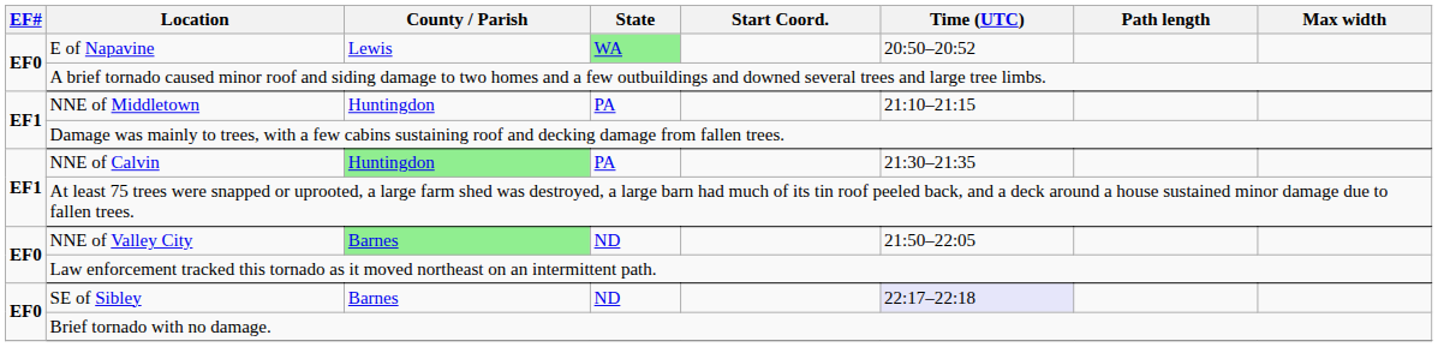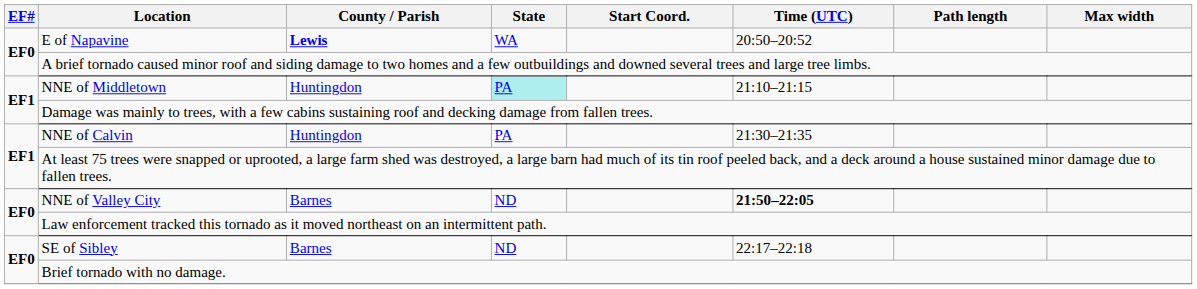 <table class="wikitable sortable" style="width:100%;">
 <tr>
 <th scope="col" width="2%" align="center"><a href='#'>EF#</a></th>
 <th scope="col" align="center" class="unsortable">Location</th>
 <th scope="col" align="center" class="unsortable">County / Parish</th>
 <th scope="col" align="center">State</th>
 <th scope="col" align="center" data-sort-type="number">Start Coord.</th>
 <th scope="col" align="center" data-sort-type="number">Time (<a href='#'>UTC</a>)</th>
 <th scope="col" align="center" data-sort-type="number">Path length</th>
 <th scope="col" align="center" data-sort-type="number">Max width</th>
 </tr>
 <tr>
 <td rowspan="2" align="center"><strong>EF0</strong></td>
 <td>E of <a href='#'>Napavine</a></td>
-<td><a href='#'>Lewis</a></td>
-<td style="background: lightgreen;"><a href='#'>WA</a></td>
+<td><strong><a href='#'>Lewis</a></strong></td>
+<td><a href='#'>WA</a></td>
 <td></td>
 <td>20:50–20:52</td>
 <td></td>
 <td></td>
 </tr>
 <tr class="expand-child">
 <td colspan="8" style=" border-bottom: 1px solid black;">A brief tornado caused minor roof and siding damage to two homes and a few outbuildings and downed several trees and large tree limbs.</td>
 </tr>
 <tr>
 <td rowspan="2" align="center"><strong>EF1</strong></td>
 <td>NNE of <a href='#'>Middletown</a></td>
 <td><a href='#'>Huntingdon</a></td>
-<td><a href='#'>PA</a></td>
+<td style="background: paleturquoise;"><a href='#'>PA</a></td>
 <td></td>
 <td>21:10–21:15</td>
 <td></td>
 <td></td>
 </tr>
 <tr class="expand-child">
 <td colspan="8" style=" border-bottom: 1px solid black;">Damage was mainly to trees, with a few cabins sustaining roof and decking damage from fallen trees.</td>
 </tr>
 <tr>
 <td rowspan="2" align="center"><strong>EF1</strong></td>
 <td>NNE of <a href='#'>Calvin</a></td>
-<td style="background: lightgreen;"><a href='#'>Huntingdon</a></td>
+<td><a href='#'>Huntingdon</a></td>
 <td><a href='#'>PA</a></td>
 <td></td>
 <td>21:30–21:35</td>
 <td></td>
 <td></td>
 </tr>
 <tr class="expand-child">
 <td colspan="8" style=" border-bottom: 1px solid black;">At least 75 trees were snapped or uprooted, a large farm shed was destroyed, a large barn had much of its tin roof peeled back, and a deck around a house sustained minor damage due to fallen trees.</td>
 </tr>
 <tr>
 <td rowspan="2" align="center"><strong>EF0</strong></td>
 <td>NNE of <a href='#'>Valley City</a></td>
-<td style="background: lightgreen;"><a href='#'>Barnes</a></td>
+<td><a href='#'>Barnes</a></td>
 <td><a href='#'>ND</a></td>
 <td></td>
-<td>21:50–22:05</td>
+<td><strong>21:50–22:05</strong></td>
 <td></td>
 <td></td>
 </tr>
 <tr class="expand-child">
 <td colspan="8" style=" border-bottom: 1px solid black;">Law enforcement tracked this tornado as it moved northeast on an intermittent path.</td>
 </tr>
 <tr>
 <td rowspan="2" align="center"><strong>EF0</strong></td>
 <td>SE of <a href='#'>Sibley</a></td>
 <td><a href='#'>Barnes</a></td>
 <td><a href='#'>ND</a></td>
 <td></td>
-<td style="background: lavender;">22:17–22:18</td>
+<td>22:17–22:18</td>
 <td></td>
 <td></td>
 </tr>
 <tr class="expand-child">
 <td colspan="8" style=" border-bottom: 1px solid black;">Brief tornado with no damage.</td>
 </tr>
 <tr>
 </tr>
 </table>
